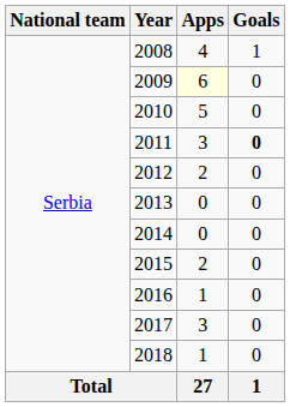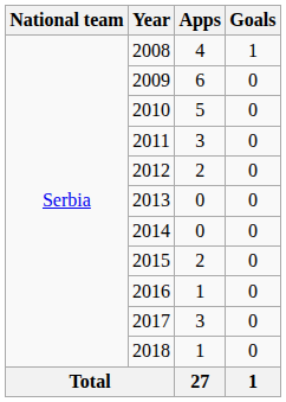 <table class="wikitable" style="text-align:center">
 <tr>
 <th>National team</th>
 <th>Year</th>
 <th>Apps</th>
 <th>Goals</th>
 </tr>
 <tr>
 <td rowspan="11"><a href='#'>Serbia</a></td>
 <td>2008</td>
 <td>4</td>
 <td>1</td>
 </tr>
 <tr>
 <td>2009</td>
-<td style="background: lightyellow;">6</td>
+<td>6</td>
 <td>0</td>
 </tr>
 <tr>
 <td>2010</td>
 <td>5</td>
 <td>0</td>
 </tr>
 <tr>
 <td>2011</td>
 <td>3</td>
-<td><strong>0</strong></td>
+<td>0</td>
 </tr>
 <tr>
 <td>2012</td>
 <td>2</td>
 <td>0</td>
 </tr>
 <tr>
 <td>2013</td>
 <td>0</td>
 <td>0</td>
 </tr>
 <tr>
 <td>2014</td>
 <td>0</td>
 <td>0</td>
 </tr>
 <tr>
 <td>2015</td>
 <td>2</td>
 <td>0</td>
 </tr>
 <tr>
 <td>2016</td>
 <td>1</td>
 <td>0</td>
 </tr>
 <tr>
 <td>2017</td>
 <td>3</td>
 <td>0</td>
 </tr>
 <tr>
 <td>2018</td>
 <td>1</td>
 <td>0</td>
 </tr>
 <tr>
 <th colspan="2">Total</th>
 <th>27</th>
 <th>1</th>
 </tr>
 </table>
